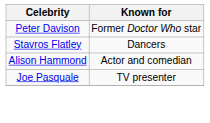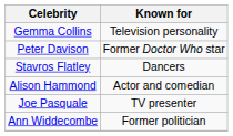 <table class="wikitable unsortable" style="text-align:center; margin:auto; width-height:100%;">
 <tr>
 <th scope="col">Celebrity</th>
 <th scope="col">Known for</th>
+</tr>
+<tr>
+<td><a href='#'>Gemma Collins</a></td>
+<td>Television personality</td>
 </tr>
 <tr>
 <td><a href='#'>Peter Davison</a></td>
 <td>Former <em>Doctor Who</em> star</td>
 </tr>
 <tr>
 <td><a href='#'>Stavros Flatley</a></td>
 <td>Dancers</td>
 </tr>
 <tr>
 <td><a href='#'>Alison Hammond</a></td>
 <td>Actor and comedian</td>
 </tr>
 <tr>
 <td><a href='#'>Joe Pasquale</a></td>
 <td>TV presenter</td>
 </tr>
 <tr>
+<td><a href='#'>Ann Widdecombe</a></td>
+<td>Former politician</td>
+</tr>
+<tr>
 </tr>
 </table>
